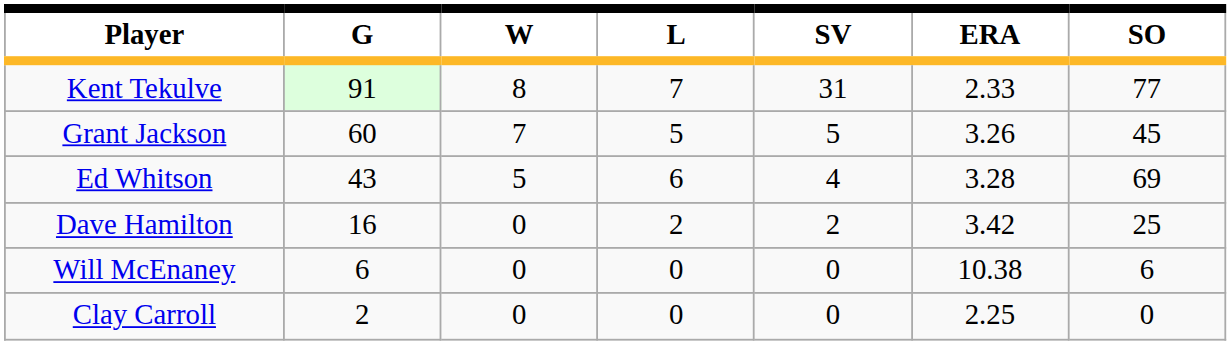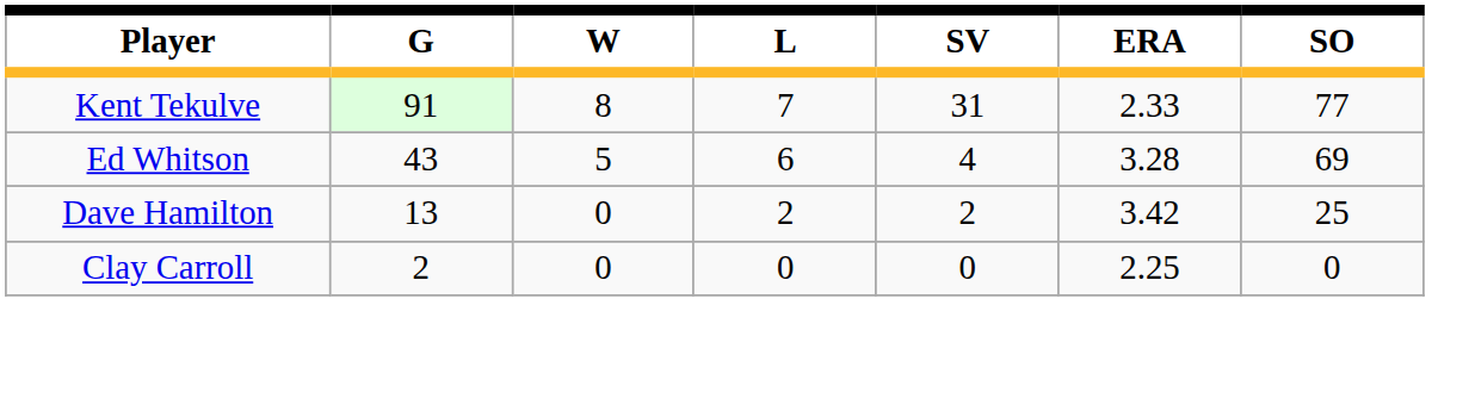 <table class="wikitable sortable">
 <tr>
 <th style="background:#FFFFFF; border-top:#000000 5px solid; border-bottom:#FDB827 5px solid;" width="16%">Player</th>
 <th style="background:#FFFFFF; border-top:#000000 5px solid; border-bottom:#FDB827 5px solid;" width="9%">G</th>
 <th style="background:#FFFFFF; border-top:#000000 5px solid; border-bottom:#FDB827 5px solid;" width="9%">W</th>
 <th style="background:#FFFFFF; border-top:#000000 5px solid; border-bottom:#FDB827 5px solid;" width="9%">L</th>
 <th style="background:#FFFFFF; border-top:#000000 5px solid; border-bottom:#FDB827 5px solid;" width="9%">SV</th>
 <th style="background:#FFFFFF; border-top:#000000 5px solid; border-bottom:#FDB827 5px solid;" width="9%">ERA</th>
 <th style="background:#FFFFFF; border-top:#000000 5px solid; border-bottom:#FDB827 5px solid;" width="9%">SO</th>
 </tr>
 <tr align="center">
 <td><a href='#'>Kent Tekulve</a></td>
 <td style="background:#DDFFDD;">91</td>
 <td>8</td>
 <td>7</td>
 <td>31</td>
 <td>2.33</td>
 <td>77</td>
 </tr>
 <tr align="center">
-<td><a href='#'>Grant Jackson</a></td>
-<td>60</td>
-<td>7</td>
-<td>5</td>
-<td>5</td>
-<td>3.26</td>
-<td>45</td>
-</tr>
-<tr align="center">
 <td><a href='#'>Ed Whitson</a></td>
 <td>43</td>
 <td>5</td>
 <td>6</td>
 <td>4</td>
 <td>3.28</td>
 <td>69</td>
 </tr>
 <tr align="center">
 <td><a href='#'>Dave Hamilton</a></td>
-<td>16</td>
+<td>13</td>
 <td>0</td>
 <td>2</td>
 <td>2</td>
 <td>3.42</td>
 <td>25</td>
-</tr>
-<tr align="center">
-<td><a href='#'>Will McEnaney</a></td>
-<td>6</td>
-<td>0</td>
-<td>0</td>
-<td>0</td>
-<td>10.38</td>
-<td>6</td>
 </tr>
 <tr align="center">
 <td><a href='#'>Clay Carroll</a></td>
 <td>2</td>
 <td>0</td>
 <td>0</td>
 <td>0</td>
 <td>2.25</td>
 <td>0</td>
 </tr>
 </table>
